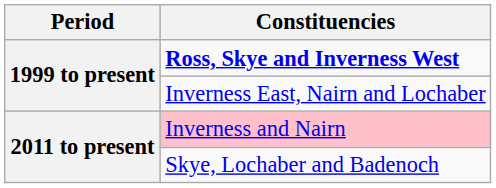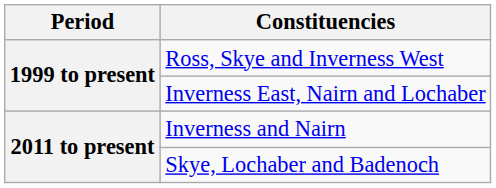 <table class="wikitable">
 <tr>
 <th scope="col">Period</th>
 <th scope="col">Constituencies</th>
 </tr>
 <tr>
 <th scope="row" rowspan="2">1999 to present</th>
-<td><strong><a href='#'>Ross, Skye and Inverness West</a></strong></td>
+<td><a href='#'>Ross, Skye and Inverness West</a></td>
 </tr>
 <tr>
 <td><a href='#'>Inverness East, Nairn and Lochaber</a></td>
 </tr>
 <tr>
 <th scope="row" rowspan="2">2011 to present</th>
-<td style="background: pink;"><a href='#'>Inverness and Nairn</a></td>
+<td><a href='#'>Inverness and Nairn</a></td>
 </tr>
 <tr>
 <td><a href='#'>Skye, Lochaber and Badenoch</a></td>
 </tr>
 </table>
